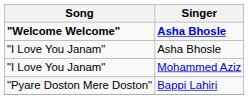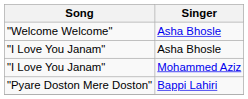 <table class="wikitable">
 <tr>
 <th>Song</th>
 <th>Singer</th>
 </tr>
 <tr>
-<td><strong>"Welcome Welcome"</strong></td>
-<td><strong><a href='#'>Asha Bhosle</a></strong></td>
+<td>"Welcome Welcome"</td>
+<td><a href='#'>Asha Bhosle</a></td>
 </tr>
 <tr>
 <td>"I Love You Janam"</td>
 <td>Asha Bhosle</td>
 </tr>
 <tr>
 <td>"I Love You Janam"</td>
 <td><a href='#'>Mohammed Aziz</a></td>
 </tr>
 <tr>
 <td>"Pyare Doston Mere Doston"</td>
 <td><a href='#'>Bappi Lahiri</a></td>
 </tr>
 <tr>
 </tr>
 </table>
